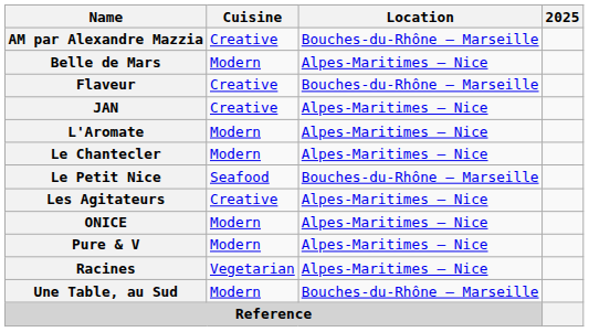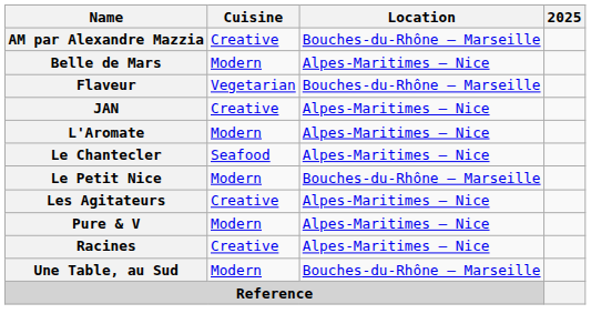 <table class="wikitable sortable plainrowheaders" style="text-align:left;"">
 <tr>
 <th scope="col">Name</th>
 <th scope="col">Cuisine</th>
 <th scope="col">Location</th>
 <th scope="col">2025</th>
 </tr>
 <tr>
 <th scope="row">AM par Alexandre Mazzia</th>
 <td><a href='#'>Creative</a></td>
 <td><a href='#'>Bouches-du-Rhône – Marseille</a></td>
 <td></td>
 </tr>
 <tr>
 <th scope="row">Belle de Mars</th>
 <td><a href='#'>Modern</a></td>
 <td><a href='#'>Alpes-Maritimes – Nice</a></td>
 <td></td>
 </tr>
 <tr>
 <th scope="row">Flaveur</th>
-<td><a href='#'>Creative</a></td>
+<td><a href='#'>Vegetarian</a></td>
 <td><a href='#'>Bouches-du-Rhône – Marseille</a></td>
 <td></td>
 </tr>
 <tr>
 <th scope="row">JAN</th>
 <td><a href='#'>Creative</a></td>
 <td><a href='#'>Alpes-Maritimes – Nice</a></td>
 <td></td>
 </tr>
 <tr>
 <th scope="row">L'Aromate</th>
 <td><a href='#'>Modern</a></td>
 <td><a href='#'>Alpes-Maritimes – Nice</a></td>
 <td></td>
 </tr>
 <tr>
 <th scope="row">Le Chantecler</th>
-<td><a href='#'>Modern</a></td>
+<td><a href='#'>Seafood</a></td>
 <td><a href='#'>Alpes-Maritimes – Nice</a></td>
 <td></td>
 </tr>
 <tr>
 <th scope="row">Le Petit Nice</th>
-<td><a href='#'>Seafood</a></td>
+<td><a href='#'>Modern</a></td>
 <td><a href='#'>Bouches-du-Rhône – Marseille</a></td>
 <td></td>
 </tr>
 <tr>
 <th scope="row">Les Agitateurs</th>
 <td><a href='#'>Creative</a></td>
-<td><a href='#'>Alpes-Maritimes – Nice</a></td>
-<td></td>
-</tr>
-<tr>
-<th scope="row">ONICE</th>
-<td><a href='#'>Modern</a></td>
 <td><a href='#'>Alpes-Maritimes – Nice</a></td>
 <td></td>
 </tr>
 <tr>
 <th scope="row">Pure & V</th>
 <td><a href='#'>Modern</a></td>
 <td><a href='#'>Alpes-Maritimes – Nice</a></td>
 <td></td>
 </tr>
 <tr>
 <th scope="row">Racines</th>
-<td><a href='#'>Vegetarian</a></td>
+<td><a href='#'>Creative</a></td>
 <td><a href='#'>Alpes-Maritimes – Nice</a></td>
 <td></td>
 </tr>
 <tr>
 <th scope="row">Une Table, au Sud</th>
 <td><a href='#'>Modern</a></td>
 <td><a href='#'>Bouches-du-Rhône – Marseille</a></td>
 <td></td>
 </tr>
 <tr>
 <th colspan="3" style="text-align: center;background: lightgray;">Reference</th>
 <th></th>
 </tr>
 </table>
